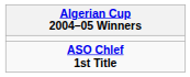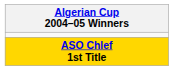 <table class="wikitable" style="text-align: center; margin: 0 auto; width: 20%">
 <tr>
 <th><a href='#'>Algerian Cup</a><br>2004–05 Winners</th>
 </tr>
 <tr>
 <td></td>
 </tr>
 <tr>
-<td><strong><a href='#'>ASO Chlef</a></strong><br><strong>1st Title</strong></td>
+<td style="background: gold;"><strong><a href='#'>ASO Chlef</a></strong><br><strong>1st Title</strong></td>
 </tr>
 </table>
